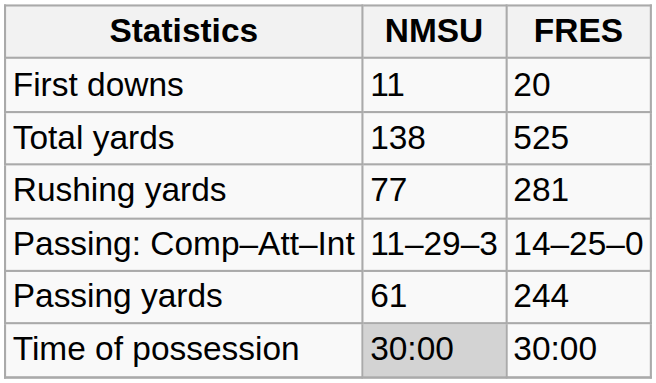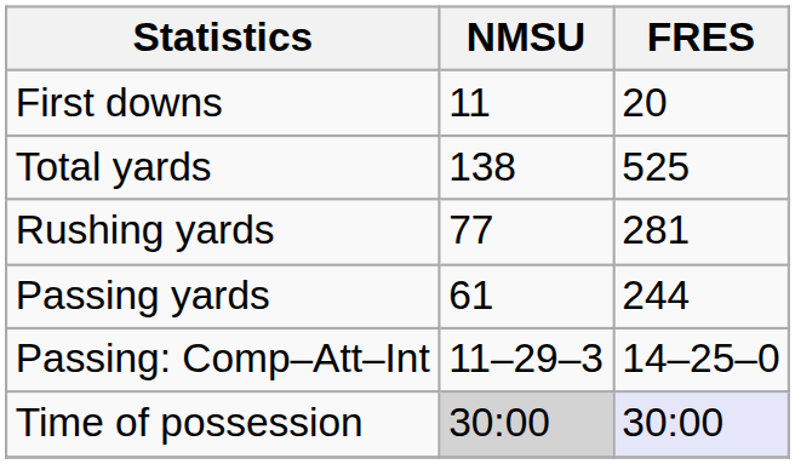 <table class="wikitable" style="float: left;">
 <tr>
 <th>Statistics</th>
 <th>NMSU</th>
 <th>FRES</th>
 </tr>
 <tr>
 <td>First downs</td>
 <td>11</td>
 <td>20</td>
 </tr>
 <tr>
 <td>Total yards</td>
 <td>138</td>
 <td>525</td>
 </tr>
 <tr>
 <td>Rushing yards</td>
 <td>77</td>
 <td>281</td>
 </tr>
 <tr>
+<td>Passing yards</td>
+<td>61</td>
+<td>244</td>
+</tr>
+<tr>
 <td>Passing: Comp–Att–Int</td>
 <td>11–29–3</td>
 <td>14–25–0</td>
 </tr>
 <tr>
-<td>Passing yards</td>
-<td>61</td>
-<td>244</td>
-</tr>
-<tr>
 <td>Time of possession</td>
 <td style="background: lightgrey;">30:00</td>
-<td>30:00</td>
+<td style="background: lavender;">30:00</td>
 </tr>
 <tr>
 </tr>
 </table>
